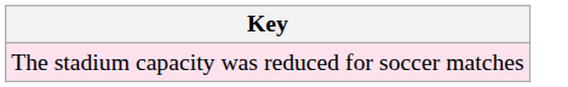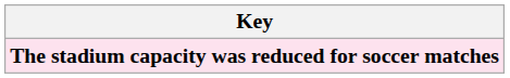 <table class="wikitable">
 <tr>
 <th>Key</th>
 </tr>
 <tr>
-<td style="background: #FDE2EE;"> The stadium capacity was reduced for soccer matches</td>
+<td style="background: #FDE2EE;"><strong> The stadium capacity was reduced for soccer matches</strong></td>
 </tr>
 </table>
